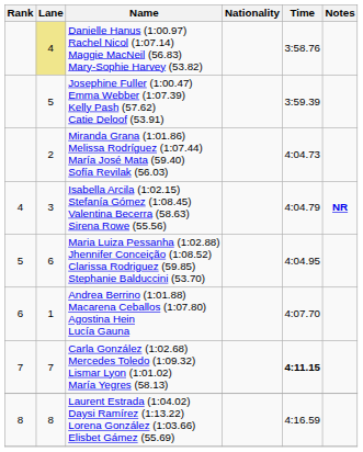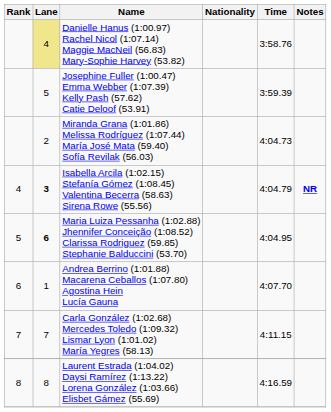 <table class="wikitable sortable" style="text-align:center">
 <tr>
 <th>Rank</th>
 <th>Lane</th>
 <th>Name</th>
 <th>Nationality</th>
 <th>Time</th>
 <th>Notes</th>
 </tr>
 <tr>
 <td></td>
 <td style="background: khaki;">4</td>
 <td align="left"><a href='#'>Danielle Hanus</a> (1:00.97)<br><a href='#'>Rachel Nicol</a> (1:07.14)<br><a href='#'>Maggie MacNeil</a> (56.83)<br><a href='#'>Mary-Sophie Harvey</a> (53.82)</td>
 <td align="left"></td>
 <td>3:58.76</td>
 <td></td>
 </tr>
 <tr>
 <td></td>
 <td>5</td>
 <td align="left"><a href='#'>Josephine Fuller</a> (1:00.47)<br><a href='#'>Emma Webber</a> (1:07.39)<br><a href='#'>Kelly Pash</a> (57.62)<br><a href='#'>Catie Deloof</a> (53.91)</td>
 <td align="left"></td>
 <td>3:59.39</td>
 <td></td>
 </tr>
 <tr>
 <td></td>
 <td>2</td>
 <td align="left"><a href='#'>Miranda Grana</a> (1:01.86)<br><a href='#'>Melissa Rodríguez</a> (1:07.44)<br><a href='#'>María José Mata</a> (59.40)<br><a href='#'>Sofía Revilak</a> (56.03)</td>
 <td align="left"></td>
 <td>4:04.73</td>
 <td></td>
 </tr>
 <tr>
 <td>4</td>
-<td>3</td>
+<td><strong>3</strong></td>
 <td align="left"><a href='#'>Isabella Arcila</a> (1:02.15)<br><a href='#'>Stefanía Gómez</a> (1:08.45)<br><a href='#'>Valentina Becerra</a> (58.63)<br><a href='#'>Sirena Rowe</a> (55.56)</td>
 <td align="left"></td>
 <td>4:04.79</td>
 <td><strong><a href='#'>NR</a></strong></td>
 </tr>
 <tr>
 <td>5</td>
-<td>6</td>
+<td><strong>6</strong></td>
 <td align="left"><a href='#'>Maria Luiza Pessanha</a> (1:02.88)<br><a href='#'>Jhennifer Conceição</a> (1:08.52)<br><a href='#'>Clarissa Rodriguez</a> (59.85)<br><a href='#'>Stephanie Balduccini</a> (53.70)</td>
 <td align="left"></td>
 <td>4:04.95</td>
 <td></td>
 </tr>
 <tr>
 <td>6</td>
 <td>1</td>
 <td align="left"><a href='#'>Andrea Berrino</a> (1:01.88)<br><a href='#'>Macarena Ceballos</a> (1:07.80)<br><a href='#'>Agostina Hein</a><br><a href='#'>Lucía Gauna</a></td>
 <td align="left"></td>
 <td>4:07.70</td>
 <td></td>
 </tr>
 <tr>
 <td>7</td>
 <td>7</td>
 <td align="left"><a href='#'>Carla González</a> (1:02.68)<br><a href='#'>Mercedes Toledo</a> (1:09.32)<br><a href='#'>Lismar Lyon</a> (1:01.02)<br><a href='#'>María Yegres</a> (58.13)</td>
 <td align="left"></td>
-<td><strong>4:11.15</strong></td>
+<td>4:11.15</td>
 <td></td>
 </tr>
 <tr>
 </tr>
 <tr>
 <td>8</td>
 <td>8</td>
 <td align="left"><a href='#'>Laurent Estrada</a> (1:04.02)<br><a href='#'>Daysi Ramírez</a> (1:13.22)<br><a href='#'>Lorena González</a> (1:03.66)<br><a href='#'>Elisbet Gámez</a> (55.69)</td>
 <td align="left"></td>
 <td>4:16.59</td>
 <td></td>
 </tr>
 <tr>
 </tr>
 </table>
